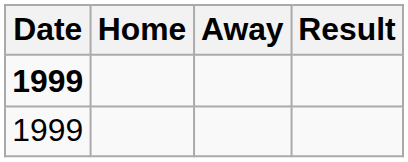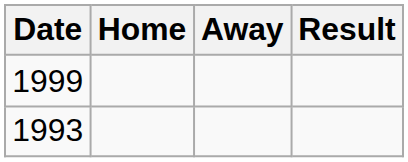 <table class="wikitable">
 <tr>
 <th>Date</th>
 <th>Home</th>
 <th>Away</th>
 <th>Result</th>
 </tr>
 <tr align="center">
-<td><strong>1999</strong></td>
+<td>1999</td>
 <td></td>
 <td></td>
 <td></td>
 </tr>
 <tr align="center">
-<td>1999</td>
+<td>1993</td>
 <td></td>
 <td></td>
 <td></td>
 </tr>
 </table>
